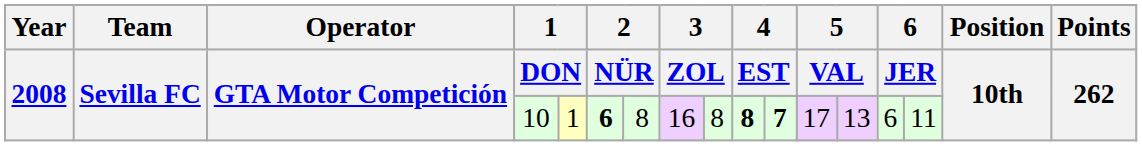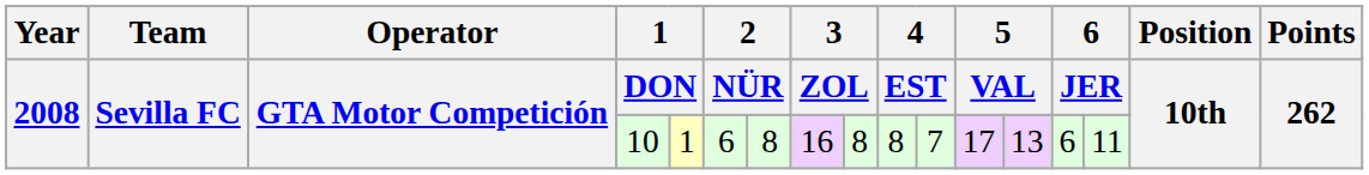 <table class="wikitable" style="text-align:center; font-size:85%">
 <tr>
 <th>Year</th>
 <th>Team</th>
 <th>Operator</th>
 <th colspan=2>1</th>
 <th colspan=2>2</th>
 <th colspan=2>3</th>
 <th colspan=2>4</th>
 <th colspan=2>5</th>
 <th colspan=2>6</th>
 <th>Position</th>
 <th>Points</th>
 </tr>
 <tr>
 <th rowspan=2><a href='#'>2008</a></th>
 <th rowspan=2 nowrap><a href='#'>Sevilla FC</a></th>
 <th rowspan=2 nowrap><a href='#'>GTA Motor Competición</a></th>
 <th colspan=2><a href='#'>DON</a></th>
 <th colspan=2><a href='#'>NÜR</a></th>
 <th colspan=2><a href='#'>ZOL</a></th>
 <th colspan=2><a href='#'>EST</a></th>
 <th colspan=2><a href='#'>VAL</a></th>
 <th colspan=2><a href='#'>JER</a></th>
 <th rowspan=2>10th</th>
 <th rowspan=2>262</th>
 </tr>
 <tr>
 <td style="background:#dfffdf;">10</td>
 <td style="background:#ffffbf;">1</td>
-<td style="background:#dfffdf;"><strong>6</strong></td>
+<td style="background:#dfffdf;">6</td>
 <td style="background:#dfffdf;">8</td>
 <td style="background:#efcfff;">16</td>
 <td style="background:#dfffdf;">8</td>
-<td style="background:#dfffdf;"><strong>8</strong></td>
-<td style="background:#dfffdf;"><strong>7</strong></td>
+<td style="background:#dfffdf;">8</td>
+<td style="background:#dfffdf;">7</td>
 <td style="background:#efcfff;">17</td>
 <td style="background:#efcfff;">13</td>
 <td style="background:#dfffdf;">6</td>
 <td style="background:#dfffdf;">11</td>
 </tr>
 </table>
